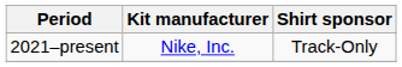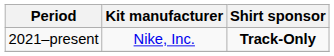 <table class="wikitable" style="text-align:center;margin-left:1em;float:center">
 <tr>
 <th>Period</th>
 <th>Kit manufacturer</th>
 <th>Shirt sponsor</th>
 </tr>
 <tr>
 <td>2021–present</td>
 <td><a href='#'>Nike, Inc.</a></td>
-<td>Track-Only</td>
+<td><strong>Track-Only</strong></td>
 </tr>
 <tr>
 </tr>
 </table>
